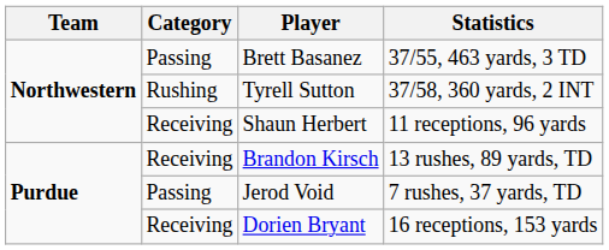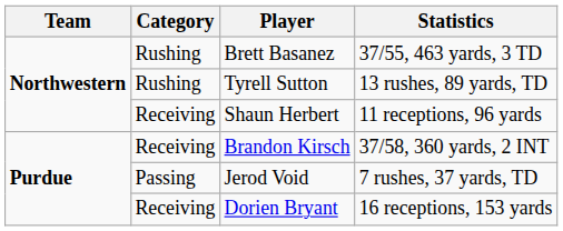 <table class="wikitable" style="float: left;">
 <tr>
 <th>Team</th>
 <th>Category</th>
 <th>Player</th>
 <th>Statistics</th>
 </tr>
 <tr>
 <td rowspan=3><strong>Northwestern</strong></td>
-<td>Passing</td>
+<td>Rushing</td>
 <td>Brett Basanez</td>
 <td>37/55, 463 yards, 3 TD</td>
 </tr>
 <tr>
 <td>Rushing</td>
 <td>Tyrell Sutton</td>
-<td>37/58, 360 yards, 2 INT</td>
+<td>13 rushes, 89 yards, TD</td>
 </tr>
 <tr>
 <td>Receiving</td>
 <td>Shaun Herbert</td>
 <td>11 receptions, 96 yards</td>
 </tr>
 <tr>
 <td rowspan=3><strong>Purdue</strong></td>
 <td>Receiving</td>
 <td><a href='#'>Brandon Kirsch</a></td>
-<td>13 rushes, 89 yards, TD</td>
+<td>37/58, 360 yards, 2 INT</td>
 </tr>
 <tr>
 <td>Passing</td>
 <td>Jerod Void</td>
 <td>7 rushes, 37 yards, TD</td>
 </tr>
 <tr>
 <td>Receiving</td>
 <td><a href='#'>Dorien Bryant</a></td>
 <td>16 receptions, 153 yards</td>
 </tr>
 </table>
